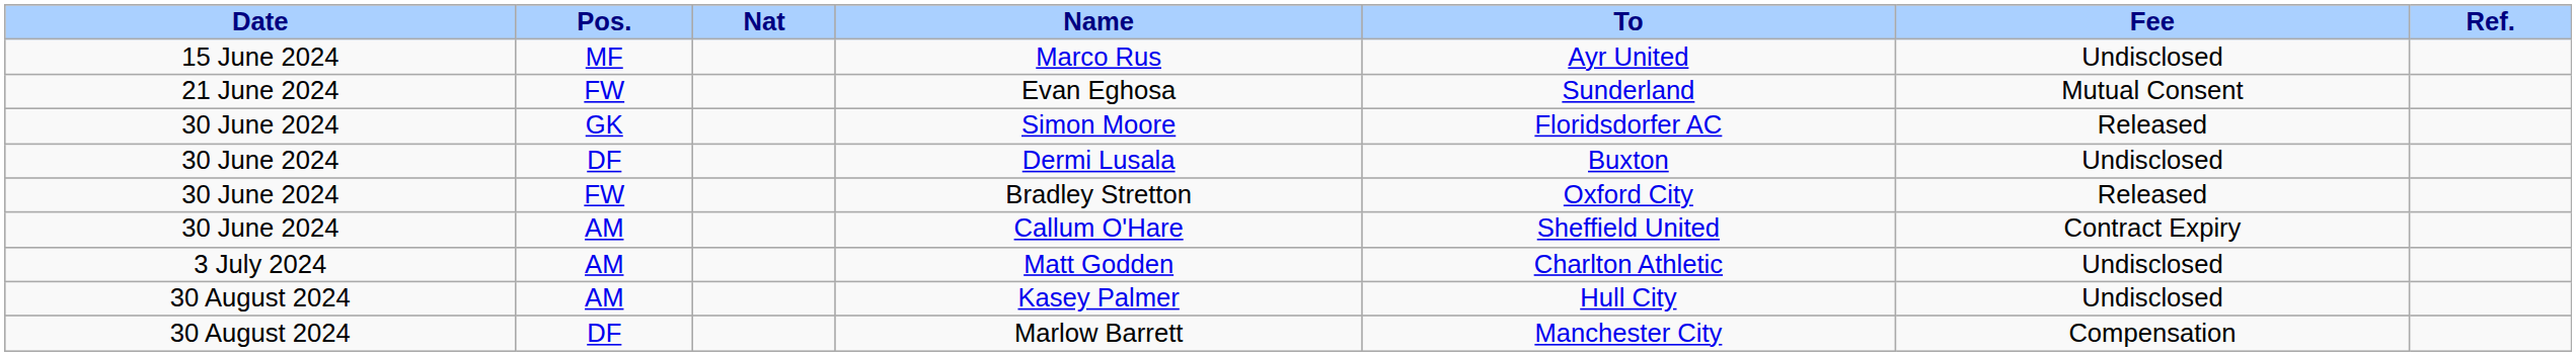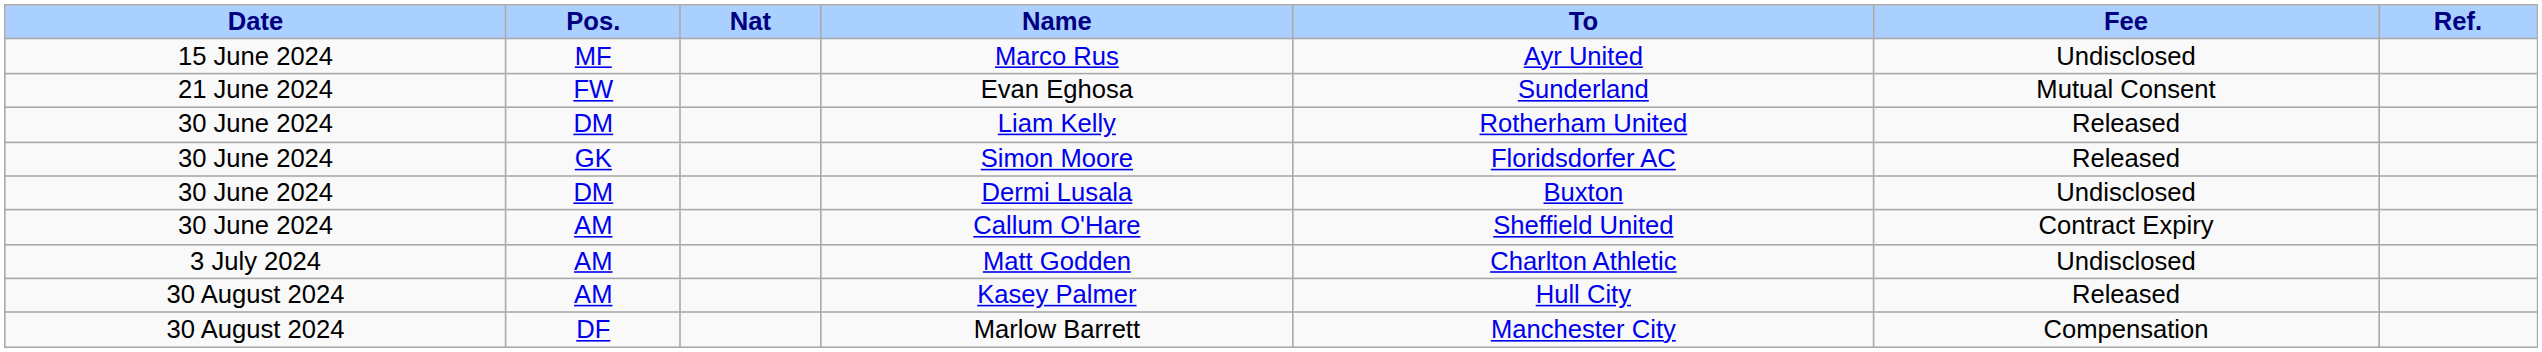 <table class="wikitable sortable alternance" style="font-size:100%; text-align:center; line-height:14px; width:100%;">
 <tr>
 <th style="background:#AAD0FF; color:#000080; ">Date</th>
 <th style="background:#AAD0FF; color:#000080; ">Pos.</th>
 <th style="background:#AAD0FF; color:#000080; ">Nat</th>
 <th style="background:#AAD0FF; color:#000080; ">Name</th>
 <th style="background:#AAD0FF; color:#000080; ">To</th>
 <th style="background:#AAD0FF; color:#000080; ">Fee</th>
 <th style="background:#AAD0FF; color:#000080; ">Ref.</th>
 </tr>
 <tr>
 <td>15 June 2024</td>
 <td><a href='#'>MF</a></td>
 <td></td>
 <td><a href='#'>Marco Rus</a></td>
 <td> <a href='#'>Ayr United</a></td>
 <td>Undisclosed</td>
 <td></td>
 </tr>
 <tr>
 <td>21 June 2024</td>
 <td><a href='#'>FW</a></td>
 <td></td>
 <td>Evan Eghosa</td>
 <td> <a href='#'>Sunderland</a></td>
 <td>Mutual Consent</td>
 <td></td>
 </tr>
 <tr>
 <td>30 June 2024</td>
+<td><a href='#'>DM</a></td>
+<td></td>
+<td><a href='#'>Liam Kelly</a></td>
+<td> <a href='#'>Rotherham United</a></td>
+<td>Released</td>
+<td></td>
+</tr>
+<tr>
+<td>30 June 2024</td>
 <td><a href='#'>GK</a></td>
 <td></td>
 <td><a href='#'>Simon Moore</a></td>
 <td> <a href='#'>Floridsdorfer AC</a></td>
 <td>Released</td>
 <td></td>
 </tr>
 <tr>
 <td>30 June 2024</td>
-<td><a href='#'>DF</a></td>
+<td><a href='#'>DM</a></td>
 <td></td>
 <td><a href='#'>Dermi Lusala</a></td>
 <td> <a href='#'>Buxton</a></td>
 <td>Undisclosed</td>
-<td></td>
-</tr>
-<tr>
-<td>30 June 2024</td>
-<td><a href='#'>FW</a></td>
-<td></td>
-<td>Bradley Stretton</td>
-<td> <a href='#'>Oxford City</a></td>
-<td>Released</td>
 <td></td>
 </tr>
 <tr>
 <td>30 June 2024</td>
 <td><a href='#'>AM</a></td>
 <td></td>
 <td><a href='#'>Callum O'Hare</a></td>
 <td> <a href='#'>Sheffield United</a></td>
 <td>Contract Expiry</td>
 <td></td>
 </tr>
 <tr>
 <td>3 July 2024</td>
 <td><a href='#'>AM</a></td>
 <td></td>
 <td><a href='#'>Matt Godden</a></td>
 <td> <a href='#'>Charlton Athletic</a></td>
 <td>Undisclosed</td>
 <td></td>
 </tr>
 <tr>
 <td>30 August 2024</td>
 <td><a href='#'>AM</a></td>
 <td></td>
 <td><a href='#'>Kasey Palmer</a></td>
 <td> <a href='#'>Hull City</a></td>
-<td>Undisclosed</td>
+<td>Released</td>
 <td></td>
 </tr>
 <tr>
 <td>30 August 2024</td>
 <td><a href='#'>DF</a></td>
 <td></td>
 <td>Marlow Barrett</td>
 <td> <a href='#'>Manchester City</a></td>
 <td>Compensation</td>
 <td></td>
 </tr>
 </table>
